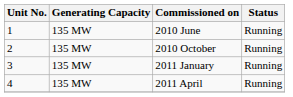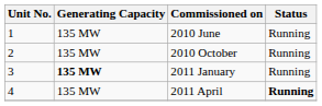 <table class="wikitable">
 <tr>
 <th>Unit No.</th>
 <th>Generating Capacity</th>
 <th>Commissioned on</th>
 <th>Status</th>
 </tr>
 <tr>
 <td>1</td>
 <td>135 MW</td>
 <td>2010 June</td>
 <td>Running</td>
 </tr>
 <tr>
 <td>2</td>
 <td>135 MW</td>
 <td>2010 October</td>
 <td>Running</td>
 </tr>
 <tr>
 <td>3</td>
-<td>135 MW</td>
+<td><strong>135 MW</strong></td>
 <td>2011 January</td>
 <td>Running</td>
 </tr>
 <tr>
 <td>4</td>
 <td>135 MW</td>
 <td>2011 April</td>
-<td>Running</td>
+<td><strong>Running</strong></td>
 </tr>
 <tr>
 </tr>
 </table>
